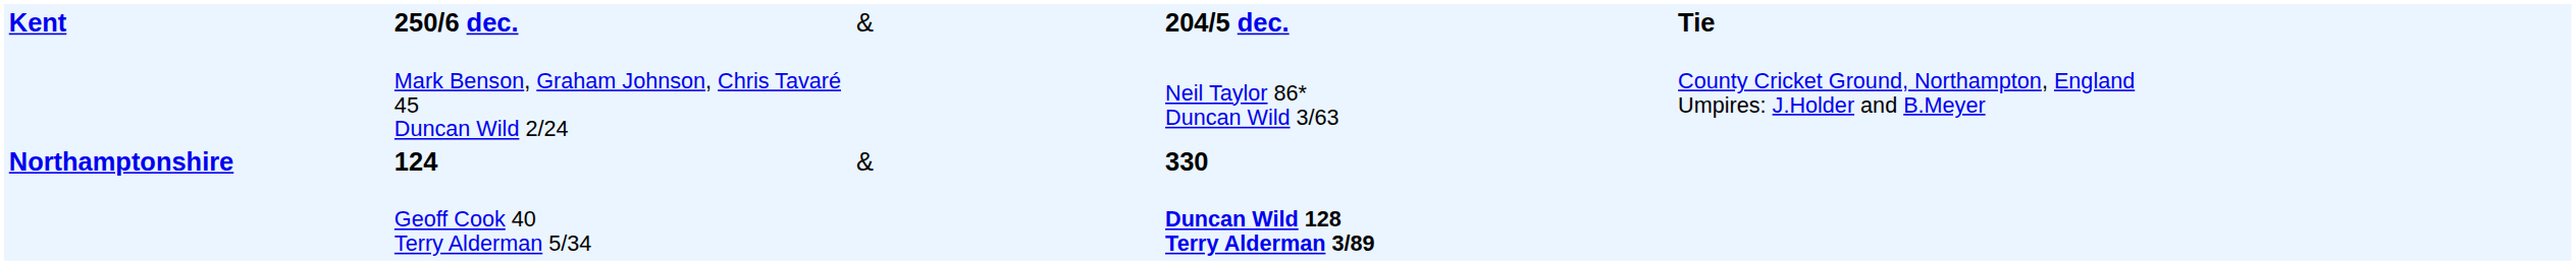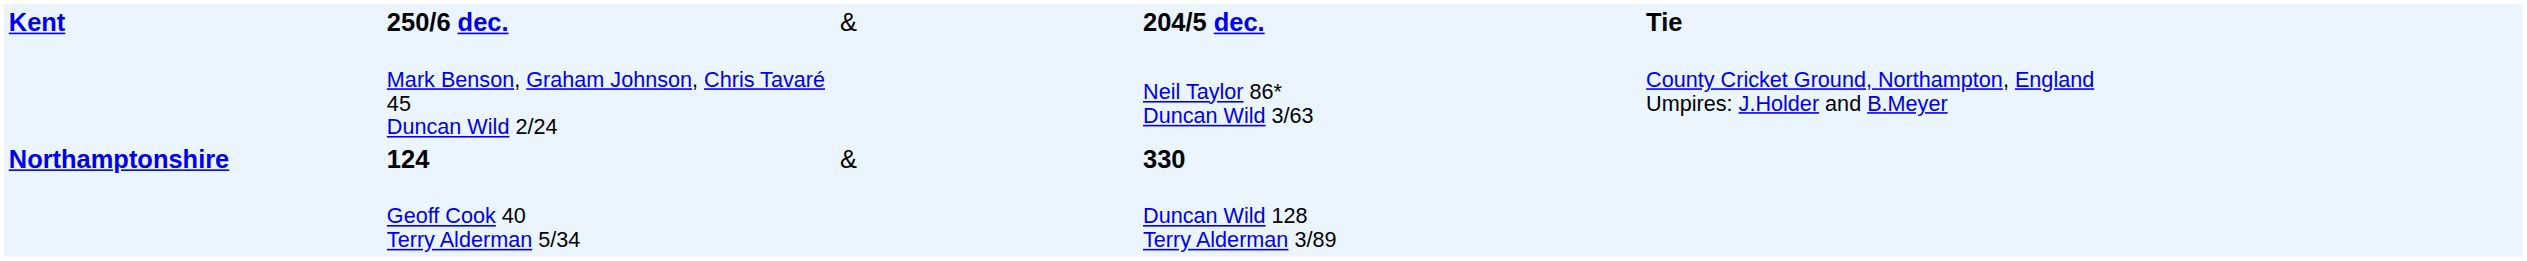 <table width="100%" style="background: #EBF5FF">
 <tr>
 <td width="15%" valign="top" rowspan="2"><strong><a href='#'>Kent</a></strong></td>
 <td width="18%"><strong>250/6 <a href='#'>dec.</a></strong></td>
 <td width="12%">&</td>
 <td width="20%"><strong>204/5 <a href='#'>dec.</a></strong></td>
 <td width="35%"><strong>Tie</strong></td>
 </tr>
 <tr>
 <td style="font-size: 85%;" valign="top"><br><a href='#'>Mark Benson</a>, <a href='#'>Graham Johnson</a>, <a href='#'>Chris Tavaré</a> 45<br> <a href='#'>Duncan Wild</a> 2/24</td>
 <td></td>
 <td style="font-size: 85%;"><br><a href='#'>Neil Taylor</a> 86*<br> <a href='#'>Duncan Wild</a> 3/63</td>
 <td valign="top" style="font-size: 85%;" rowspan="3"><br><a href='#'>County Cricket Ground, Northampton</a>, <a href='#'>England</a><br> Umpires: <a href='#'>J.Holder</a> and <a href='#'>B.Meyer</a></td>
 </tr>
 <tr>
 <td valign="top" rowspan="2"><strong><a href='#'>Northamptonshire</a></strong></td>
 <td><strong>124</strong></td>
 <td>&</td>
 <td><strong>330</strong></td>
 </tr>
 <tr>
 <td style="font-size: 85%;"><br><a href='#'>Geoff Cook</a> 40<br> <a href='#'>Terry Alderman</a> 5/34</td>
 <td></td>
-<td valign="top" style="font-size: 85%;"><strong><br><a href='#'>Duncan Wild</a> 128<br> <a href='#'>Terry Alderman</a> 3/89</strong></td>
+<td valign="top" style="font-size: 85%;"><br><a href='#'>Duncan Wild</a> 128<br> <a href='#'>Terry Alderman</a> 3/89</td>
 </tr>
 </table>
